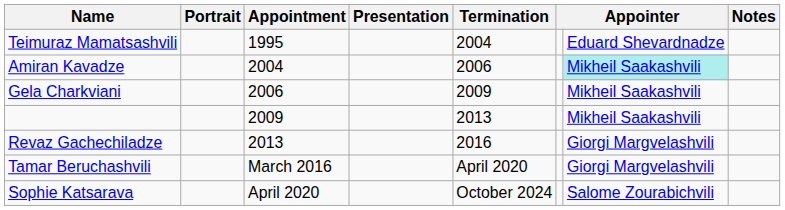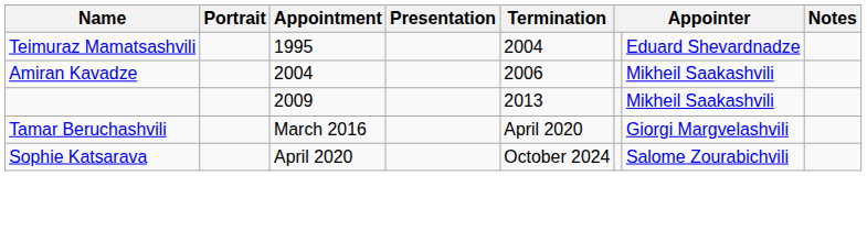 <table class="wikitable sortable"  text-align:center;">
 <tr>
 <th>Name</th>
 <th class="unsortable">Portrait</th>
 <th>Appointment</th>
 <th>Presentation</th>
 <th>Termination</th>
 <th colspan="2">Appointer</th>
 <th class="unsortable">Notes</th>
 </tr>
 <tr>
 <td><a href='#'>Teimuraz Mamatsashvili</a></td>
 <td></td>
 <td>1995</td>
 <td></td>
 <td>2004</td>
 <td style="background:"></td>
 <td><a href='#'>Eduard Shevardnadze</a></td>
 <td></td>
 </tr>
 <tr>
 <td><a href='#'>Amiran Kavadze</a></td>
 <td></td>
 <td>2004</td>
 <td></td>
 <td>2006</td>
 <td style="background:"></td>
-<td style="background: paleturquoise;"><a href='#'>Mikheil Saakashvili</a></td>
-<td></td>
-</tr>
-<tr>
-<td><a href='#'>Gela Charkviani</a></td>
-<td></td>
-<td>2006</td>
-<td></td>
-<td>2009</td>
-<td style="background:"></td>
 <td><a href='#'>Mikheil Saakashvili</a></td>
 <td></td>
 </tr>
 <tr>
 <td></td>
 <td></td>
 <td>2009</td>
 <td></td>
 <td>2013</td>
 <td style="background:"></td>
 <td><a href='#'>Mikheil Saakashvili</a></td>
-<td></td>
-</tr>
-<tr>
-<td><a href='#'>Revaz Gachechiladze</a></td>
-<td></td>
-<td>2013</td>
-<td></td>
-<td>2016</td>
-<td style="background:"></td>
-<td><a href='#'>Giorgi Margvelashvili</a></td>
 <td></td>
 </tr>
 <tr>
 <td><a href='#'>Tamar Beruchashvili</a></td>
 <td></td>
 <td>March 2016</td>
 <td></td>
 <td>April 2020</td>
 <td style="background:"></td>
 <td><a href='#'>Giorgi Margvelashvili</a></td>
 <td></td>
 </tr>
 <tr>
 <td><a href='#'>Sophie Katsarava</a></td>
 <td></td>
 <td>April 2020</td>
 <td></td>
 <td>October 2024</td>
 <td style="background:"></td>
 <td><a href='#'>Salome Zourabichvili</a></td>
 <td></td>
 </tr>
 </table>
